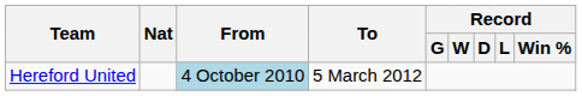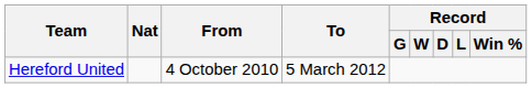 <table class="wikitable" style="text-align: center">
 <tr>
 <th rowspan="2">Team</th>
 <th rowspan="2">Nat</th>
 <th rowspan="2">From</th>
 <th rowspan="2">To</th>
 <th colspan="5">Record</th>
 </tr>
 <tr>
 <th>G</th>
 <th>W</th>
 <th>D</th>
 <th>L</th>
 <th>Win %</th>
 </tr>
 <tr>
 <td align=left><a href='#'>Hereford United</a></td>
 <td></td>
-<td align=left style="background: lightblue;">4 October 2010</td>
+<td align=left>4 October 2010</td>
 <td align=left>5 March 2012<br></td>
 </tr>
 </table>
